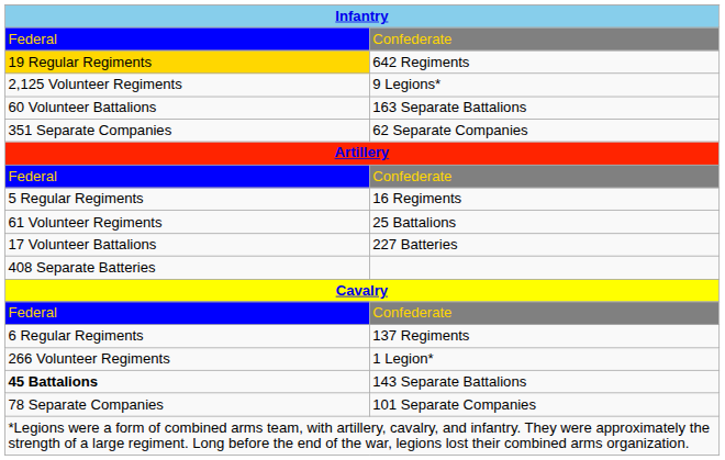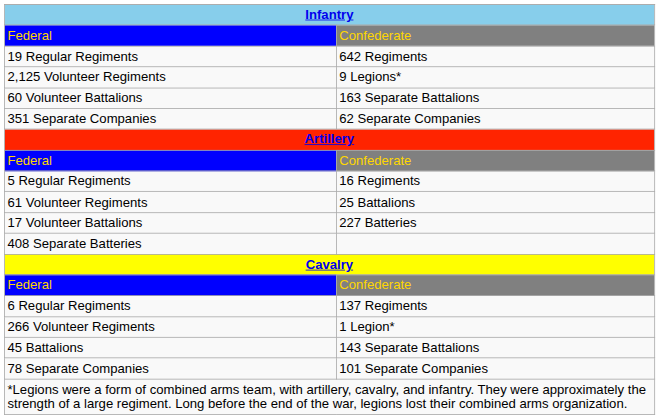 <table class="wikitable" align="center" width="40%">
 <tr>
 </tr>
 <tr>
 <th colspan="2" style="align: center; background: #87CEEB"><a href='#'>Infantry</a></th>
 </tr>
 <tr>
 <td style="background: blue; color: #FFD700">Federal</td>
 <td style="background: grey; color: #FFD700">Confederate</td>
 </tr>
 <tr>
-<td style="background: gold;">19 Regular Regiments</td>
+<td>19 Regular Regiments</td>
 <td>642 Regiments</td>
 </tr>
 <tr>
 <td>2,125 Volunteer Regiments</td>
 <td>9 Legions*</td>
 </tr>
 <tr>
 <td>60 Volunteer Battalions</td>
 <td>163 Separate Battalions</td>
 </tr>
 <tr>
 <td>351 Separate Companies</td>
 <td>62 Separate Companies</td>
 </tr>
 <tr>
 <th colspan="2" style="align: center; background: #FF2400"><a href='#'>Artillery</a></th>
 </tr>
 <tr>
 <td style="background: blue; color: #FFD700">Federal</td>
 <td style="background: grey; color: #FFD700">Confederate</td>
 </tr>
 <tr>
 <td>5 Regular Regiments</td>
 <td>16 Regiments</td>
 </tr>
 <tr>
 <td>61 Volunteer Regiments</td>
 <td>25 Battalions</td>
 </tr>
 <tr>
 <td>17 Volunteer Battalions</td>
 <td>227 Batteries</td>
 </tr>
 <tr>
 <td>408 Separate Batteries</td>
 <td></td>
 </tr>
 <tr>
 <th colspan="2" style="align: center; background: #FFFF00"><a href='#'>Cavalry</a></th>
 </tr>
 <tr>
 <td style="background: blue; color: #FFD700">Federal</td>
 <td style="background: grey; color: #FFD700">Confederate</td>
 </tr>
 <tr>
 <td>6 Regular Regiments</td>
 <td>137 Regiments</td>
 </tr>
 <tr>
 <td>266 Volunteer Regiments</td>
 <td>1 Legion*</td>
 </tr>
 <tr>
-<td><strong>45 Battalions</strong></td>
+<td>45 Battalions</td>
 <td>143 Separate Battalions</td>
 </tr>
 <tr>
 <td>78 Separate Companies</td>
 <td>101 Separate Companies</td>
 </tr>
 <tr>
 <td colspan=3>*Legions were a form of combined arms team, with artillery, cavalry, and infantry. They were approximately the strength of a large regiment. Long before the end of the war, legions lost their combined arms organization.</td>
 </tr>
 </table>
